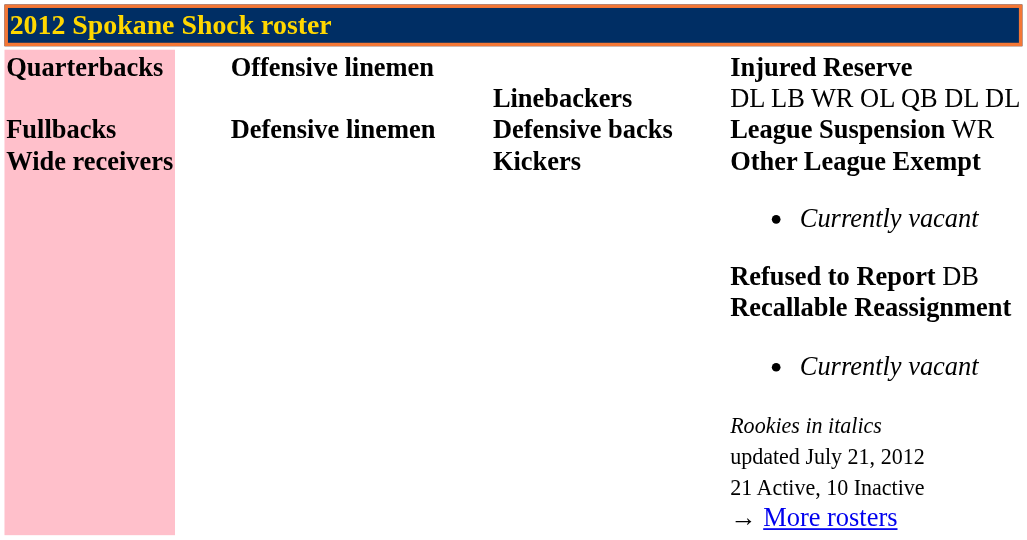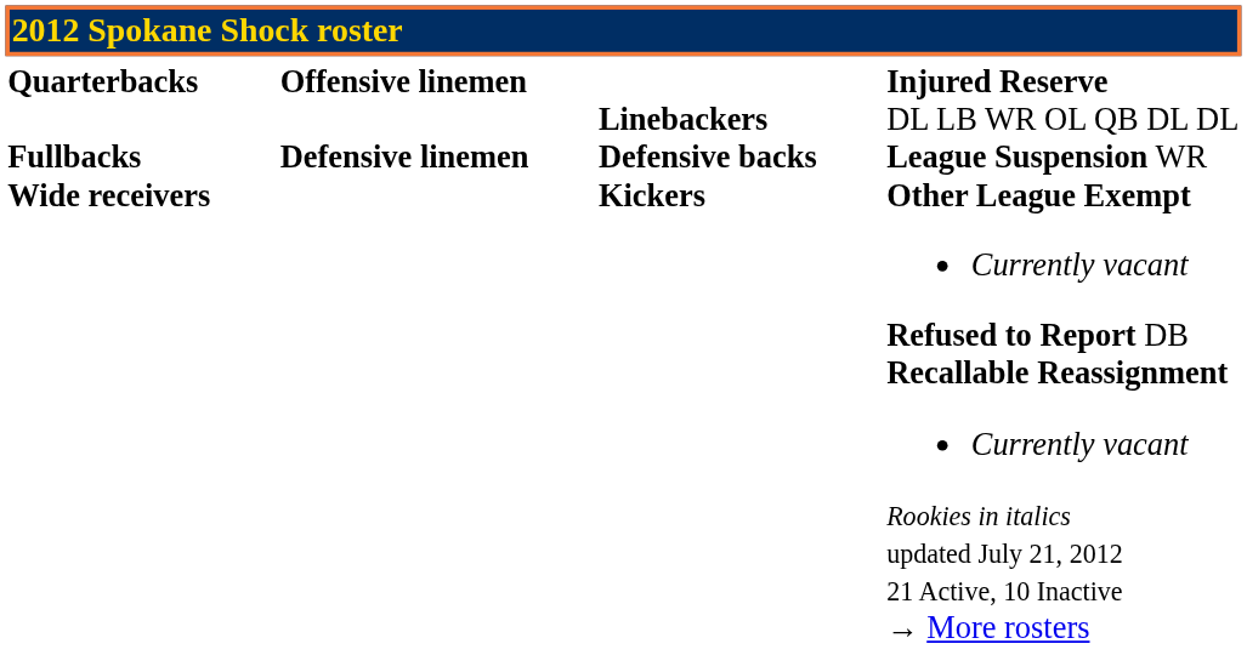 <table class="toccolours" style="text-align: left;">
 <tr>
 <th colspan="7" style="background-color:#002E64; border:2px  solid #F47735; color:#FFD700; text-alight:center;"><strong>2012 Spokane Shock roster</strong></th>
 </tr>
 <tr>
-<td style="background: pink; font-size: 95%;" valign="top"><strong>Quarterbacks</strong><br> <br><strong>Fullbacks</strong> <br><strong>Wide receivers</strong>    </td>
+<td style="font-size: 95%;" valign="top"><strong>Quarterbacks</strong><br> <br><strong>Fullbacks</strong> <br><strong>Wide receivers</strong>    </td>
 <td style="width: 25px;"></td>
 <td style="font-size: 95%;" valign="top"><strong>Offensive linemen</strong><br>  <br><strong>Defensive linemen</strong>    </td>
 <td style="width: 25px;"></td>
 <td style="font-size: 95%;" valign="top"><br><strong>Linebackers</strong>  <br><strong>Defensive backs</strong>    <br><strong>Kickers</strong> </td>
 <td style="width: 25px;"></td>
 <td style="font-size: 95%;" valign="top"><strong>Injured Reserve</strong><br> DL  LB  WR  OL  QB  DL   DL<br><strong>League Suspension</strong>  WR<br><strong>Other League Exempt</strong><ul><li><em>Currently vacant</em></li></ul><strong>Refused to Report</strong>  DB<br><strong>Recallable Reassignment</strong><ul><li><em>Currently vacant</em></li></ul><small><em>Rookies in italics</em><br><span></span> updated July 21, 2012</small><br> <small>21 Active, 10 Inactive</small><br>→ <a href='#'>More rosters</a></td>
 </tr>
 <tr>
 </tr>
 </table>
